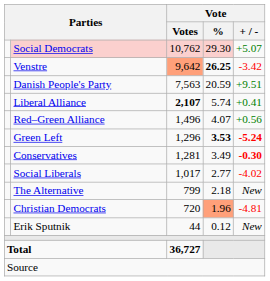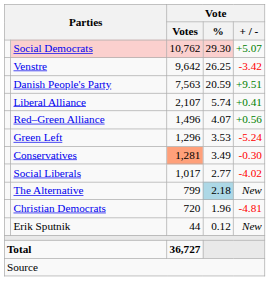 <table class="wikitable" style="text-align:right;">
 <tr>
 <th style="text-align:centre;" rowspan="2" colspan="2" width="225">Parties</th>
 <th colspan="3">Vote</th>
 </tr>
 <tr>
 <th width="15">Votes</th>
 <th width="15">%</th>
 <th width="15">+ / -</th>
 </tr>
 <tr>
 <td width="2" style="color:inherit;background:"></td>
 <td bgcolor=#fbd0ce  align="left"><a href='#'>Social Democrats</a></td>
 <td bgcolor=#fbd0ce>10,762</td>
 <td bgcolor=#fbd0ce>29.30</td>
 <td style=color:green;>+5.07</td>
 </tr>
 <tr>
 <td width="2" style="color:inherit;background:"></td>
 <td align="left"><a href='#'>Venstre</a></td>
-<td style="background: lightsalmon;">9,642</td>
-<td><strong>26.25</strong></td>
+<td>9,642</td>
+<td>26.25</td>
 <td style=color:red;>-3.42</td>
 </tr>
 <tr>
 <td width="2" style="color:inherit;background:"></td>
 <td align="left"><a href='#'>Danish People's Party</a></td>
 <td>7,563</td>
 <td>20.59</td>
 <td style=color:green;>+9.51</td>
 </tr>
 <tr>
 <td width="2" style="color:inherit;background:"></td>
 <td align="left"><a href='#'>Liberal Alliance</a></td>
-<td><strong>2,107</strong></td>
+<td>2,107</td>
 <td>5.74</td>
 <td style=color:green;>+0.41</td>
 </tr>
 <tr>
 <td width="2" style="color:inherit;background:"></td>
 <td align="left"><a href='#'>Red–Green Alliance</a></td>
 <td>1,496</td>
 <td>4.07</td>
 <td style=color:green;>+0.56</td>
 </tr>
 <tr>
 <td width="2" style="color:inherit;background:"></td>
 <td align="left"><a href='#'>Green Left</a></td>
 <td>1,296</td>
-<td><strong>3.53</strong></td>
-<td style=color:red;><strong>-5.24</strong></td>
+<td>3.53</td>
+<td style=color:red;>-5.24</td>
 </tr>
 <tr>
 <td width="2" style="color:inherit;background:"></td>
 <td align="left"><a href='#'>Conservatives</a></td>
-<td>1,281</td>
+<td style="background: lightsalmon;">1,281</td>
 <td>3.49</td>
-<td style=color:red;><strong>-0.30</strong></td>
+<td style=color:red;>-0.30</td>
 </tr>
 <tr>
 <td width="2" style="color:inherit;background:"></td>
 <td align="left"><a href='#'>Social Liberals</a></td>
 <td>1,017</td>
 <td>2.77</td>
 <td style=color:red;>-4.02</td>
 </tr>
 <tr>
 <td width="2" style="color:inherit;background:"></td>
 <td align="left"><a href='#'>The Alternative</a></td>
 <td>799</td>
-<td>2.18</td>
+<td style="background: lightblue;">2.18</td>
 <td><em>New</em></td>
 </tr>
 <tr>
 <td width="2" style="color:inherit;background:"></td>
 <td align="left"><a href='#'>Christian Democrats</a></td>
 <td>720</td>
-<td style="background: lightsalmon;">1.96</td>
+<td>1.96</td>
 <td style=color:red;>-4.81</td>
 </tr>
 <tr>
 <td width="2" style="color:inherit;background:"></td>
 <td align="left">Erik Sputnik</td>
 <td>44</td>
 <td>0.12</td>
 <td><em>New</em></td>
 </tr>
 <tr>
 <td colspan="7" bgcolor="#E9E9E9"></td>
 </tr>
 <tr>
 <td align="left" colspan="2"><strong>Total</strong></td>
 <td><strong>36,727</strong></td>
 <td bgcolor="#E9E9E9" colspan="2"></td>
 </tr>
 <tr>
 <td align="left" colspan="6">Source</td>
 </tr>
 </table>
